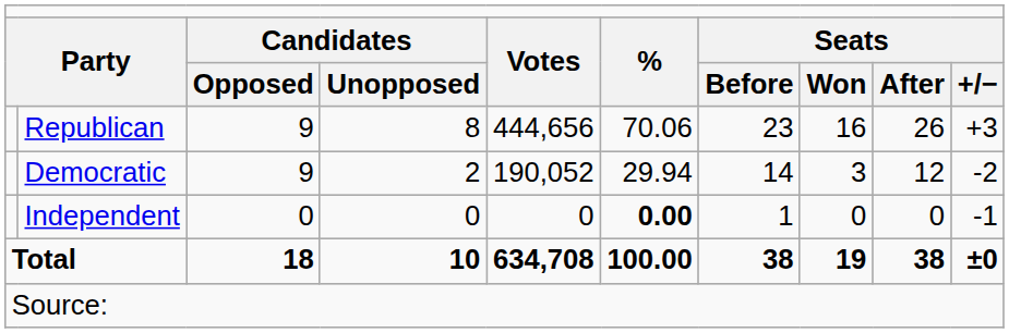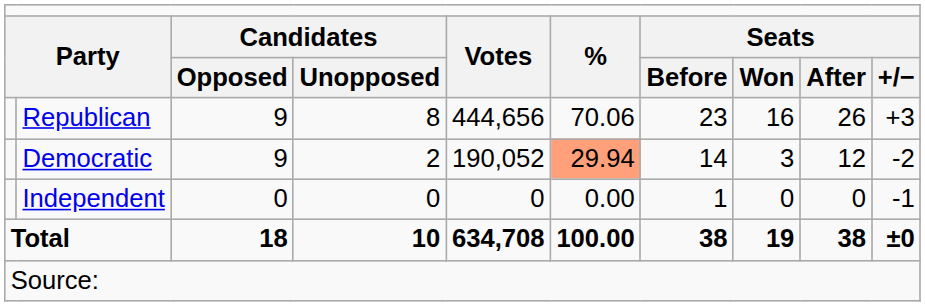 <table class="wikitable">
 <tr>
 <td colspan="12" style="text-align:center;"></td>
 </tr>
 <tr>
 <th colspan="2" rowspan="2">Party</th>
 <th colspan="2">Candidates</th>
 <th rowspan="2">Votes</th>
 <th rowspan="2">%</th>
 <th colspan="4">Seats</th>
 </tr>
 <tr>
 <th>Opposed</th>
 <th>Unopposed</th>
 <th>Before</th>
 <th>Won</th>
 <th>After</th>
 <th>+/−</th>
 </tr>
 <tr>
 <td style="background-color:"></td>
 <td><a href='#'>Republican</a></td>
 <td style="text-align:right;">9</td>
 <td style="text-align:right;">8</td>
 <td style="text-align:right;">444,656</td>
 <td style="text-align:right;">70.06</td>
 <td style="text-align:right;">23</td>
 <td style="text-align:right;">16</td>
 <td style="text-align:right;">26</td>
 <td style="text-align:right;">+3</td>
 </tr>
 <tr>
 <td style="background-color:"></td>
 <td><a href='#'>Democratic</a></td>
 <td style="text-align:right;">9</td>
 <td style="text-align:right;">2</td>
 <td style="text-align:right;">190,052</td>
-<td style="text-align:right;">29.94</td>
+<td style="background: lightsalmon; text-align:right;">29.94</td>
 <td style="text-align:right;">14</td>
 <td style="text-align:right;">3</td>
 <td style="text-align:right;">12</td>
 <td style="text-align:right;">-2</td>
 </tr>
 <tr>
 <td style="background-color:"></td>
 <td><a href='#'>Independent</a></td>
 <td style="text-align:right;">0</td>
 <td style="text-align:right;">0</td>
 <td style="text-align:right;">0</td>
-<td style="text-align:right;"><strong>0.00</strong></td>
+<td style="text-align:right;">0.00</td>
 <td style="text-align:right;">1</td>
 <td style="text-align:right;">0</td>
 <td style="text-align:right;">0</td>
 <td style="text-align:right;">-1</td>
 </tr>
 <tr>
 <td colspan="2"><strong>Total</strong></td>
 <td style="text-align:right;"><strong>18</strong></td>
 <td style="text-align:right;"><strong>10</strong></td>
 <td style="text-align:right;"><strong>634,708</strong></td>
 <td style="text-align:right;"><strong>100.00</strong></td>
 <td style="text-align:right;"><strong>38</strong></td>
 <td style="text-align:right;"><strong>19</strong></td>
 <td style="text-align:right;"><strong>38</strong></td>
 <td style="text-align:right;"><strong>±0</strong></td>
 </tr>
 <tr>
 <td colspan="10">Source: <em></em></td>
 </tr>
 </table>
